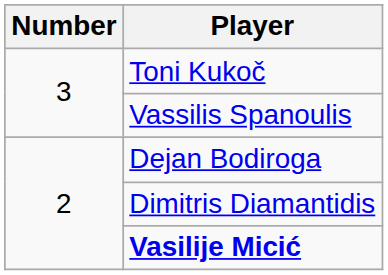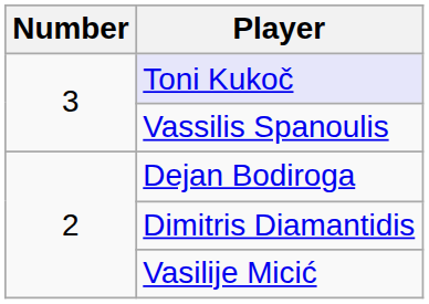 <table class="wikitable sortable">
 <tr>
 <th>Number</th>
 <th>Player</th>
 </tr>
 <tr>
 <td rowspan=2 style="text-align:center;">3</td>
-<td>  <a href='#'>Toni Kukoč</a></td>
+<td style="background: lavender;">  <a href='#'>Toni Kukoč</a></td>
 </tr>
 <tr>
 <td> <a href='#'>Vassilis Spanoulis</a></td>
 </tr>
 <tr>
 <td rowspan=3 style="text-align:center;">2</td>
 <td> <a href='#'>Dejan Bodiroga</a></td>
 </tr>
 <tr>
 <td> <a href='#'>Dimitris Diamantidis</a></td>
 </tr>
 <tr>
-<td><strong> <a href='#'>Vasilije Micić</a></strong></td>
+<td> <a href='#'>Vasilije Micić</a></td>
 </tr>
 </table>
